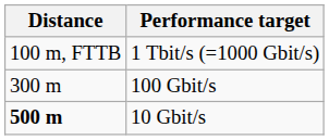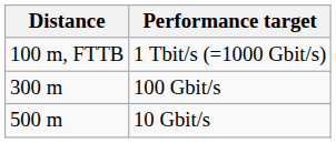 <table class="wikitable">
 <tr>
 <th>Distance</th>
 <th>Performance target</th>
 </tr>
 <tr>
 <td>100 m, FTTB</td>
 <td>1 Tbit/s (=1000 Gbit/s)</td>
 </tr>
 <tr>
 <td>300 m</td>
 <td>100 Gbit/s</td>
 </tr>
 <tr>
-<td><strong>500 m</strong></td>
+<td>500 m</td>
 <td>10 Gbit/s</td>
 </tr>
 </table>
